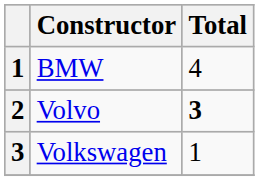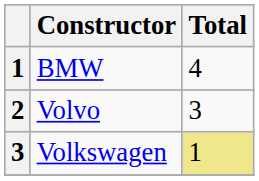 <table class="wikitable" style="font-size:100%;">
 <tr>
 <th></th>
 <th>Constructor</th>
 <th>Total</th>
 </tr>
 <tr>
 <th>1</th>
 <td> <a href='#'>BMW</a></td>
 <td>4</td>
 </tr>
 <tr>
 <th>2</th>
 <td> <a href='#'>Volvo</a></td>
-<td><strong>3</strong></td>
+<td>3</td>
 </tr>
 <tr>
 <th>3</th>
 <td> <a href='#'>Volkswagen</a></td>
-<td>1</td>
+<td style="background: khaki;">1</td>
 </tr>
 <tr>
 </tr>
 </table>
